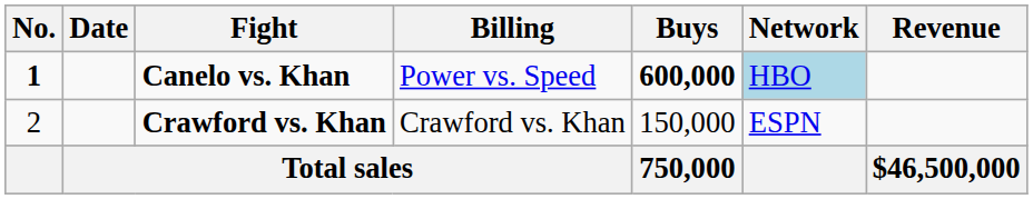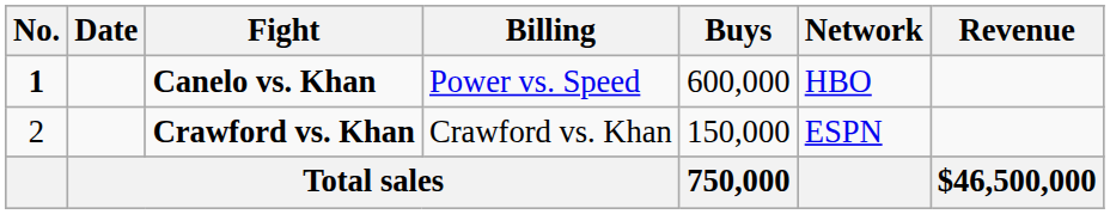 <table class="wikitable sortable">
 <tr>
 <th>No.</th>
 <th>Date</th>
 <th>Fight</th>
 <th>Billing</th>
 <th>Buys</th>
 <th>Network</th>
 <th>Revenue</th>
 </tr>
 <tr>
 <td align=center><strong>1</strong></td>
 <td></td>
 <td><strong>Canelo vs. Khan</strong></td>
 <td><a href='#'>Power vs. Speed</a></td>
-<td><strong>600,000</strong></td>
-<td rowspan=1 style="background: lightblue;"><a href='#'>HBO</a></td>
+<td>600,000</td>
+<td rowspan=1><a href='#'>HBO</a></td>
 <td></td>
 </tr>
 <tr>
 <td align=center>2</td>
 <td></td>
 <td><strong>Crawford vs. Khan</strong></td>
 <td Terence Crawford vs. Amir Khan>Crawford vs. Khan</td>
 <td>150,000</td>
 <td rowspan=1><a href='#'>ESPN</a></td>
 <td></td>
 </tr>
 <tr>
 <th></th>
 <th colspan="3">Total sales</th>
 <th>750,000</th>
 <th></th>
 <th>$46,500,000</th>
 </tr>
 </table>
